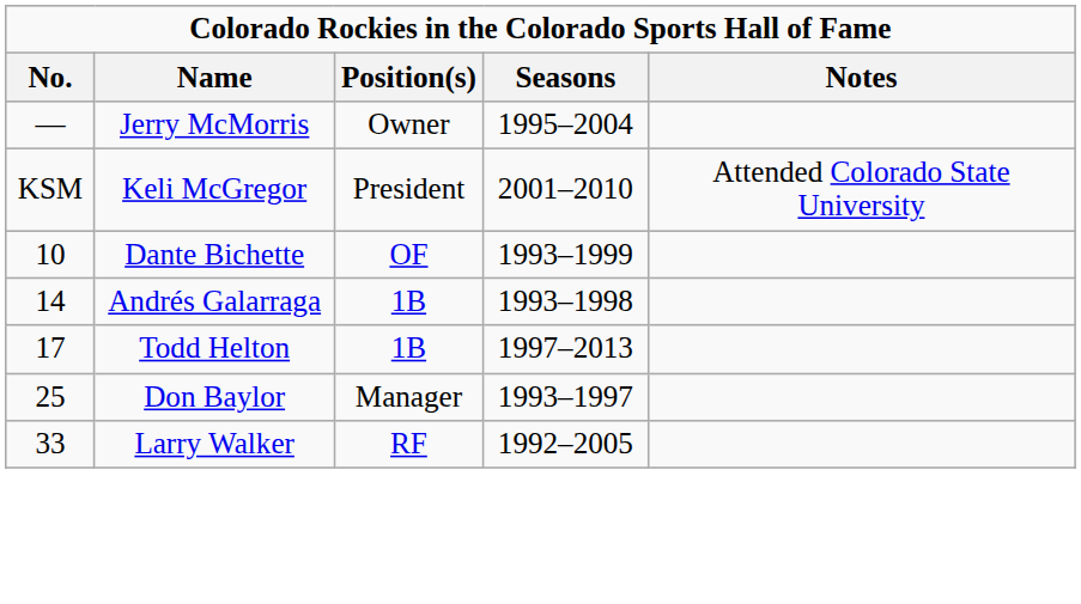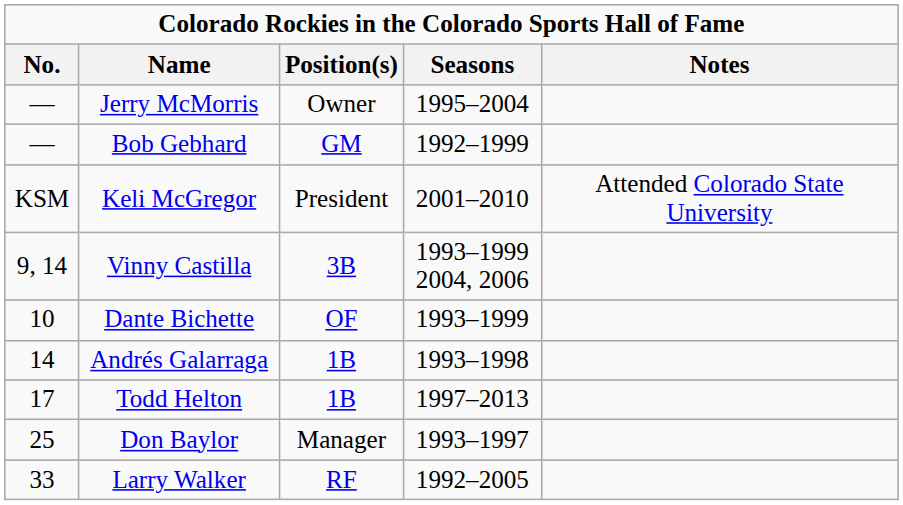 <table class="wikitable" style="text-align:center">
 <tr>
 <td colspan="5"><strong>Colorado Rockies in the Colorado Sports Hall of Fame</strong></td>
 </tr>
 <tr>
 <th style="width:40px; ">No.</th>
 <th style="width:120px; ">Name</th>
 <th style="width:60px; ">Position(s)</th>
 <th style="width:80px; ">Seasons</th>
 <th style="width:220px; ">Notes</th>
 </tr>
 <tr>
 <td>—</td>
 <td><a href='#'>Jerry McMorris</a></td>
 <td>Owner</td>
 <td>1995–2004</td>
 <td></td>
 </tr>
 <tr>
+<td>—</td>
+<td><a href='#'>Bob Gebhard</a></td>
+<td><a href='#'>GM</a></td>
+<td>1992–1999</td>
+<td></td>
+</tr>
+<tr>
 <td>KSM</td>
 <td><a href='#'>Keli McGregor</a></td>
 <td>President</td>
 <td>2001–2010</td>
 <td>Attended <a href='#'>Colorado State University</a></td>
+</tr>
+<tr>
+<td>9, 14</td>
+<td><a href='#'>Vinny Castilla</a></td>
+<td><a href='#'>3B</a></td>
+<td>1993–1999<br>2004, 2006</td>
+<td></td>
 </tr>
 <tr>
 <td>10</td>
 <td><a href='#'>Dante Bichette</a></td>
 <td><a href='#'>OF</a></td>
 <td>1993–1999</td>
 <td></td>
 </tr>
 <tr>
 <td>14</td>
 <td><a href='#'>Andrés Galarraga</a></td>
 <td><a href='#'>1B</a></td>
 <td>1993–1998</td>
 <td></td>
 </tr>
 <tr>
 <td>17</td>
 <td><a href='#'>Todd Helton</a></td>
 <td><a href='#'>1B</a></td>
 <td>1997–2013</td>
 <td></td>
 </tr>
 <tr>
 <td>25</td>
 <td><a href='#'>Don Baylor</a></td>
 <td>Manager</td>
 <td>1993–1997</td>
 <td></td>
 </tr>
 <tr>
 <td>33</td>
 <td><a href='#'>Larry Walker</a></td>
 <td><a href='#'>RF</a></td>
 <td>1992–2005</td>
 <td></td>
 </tr>
 </table>
